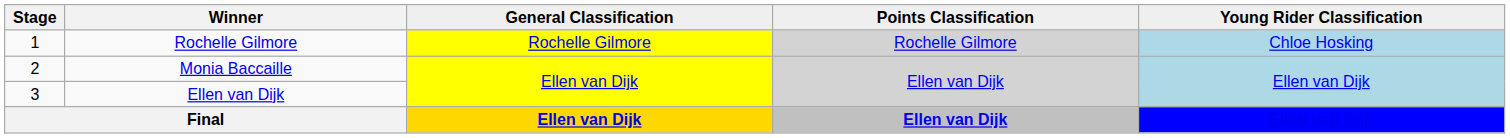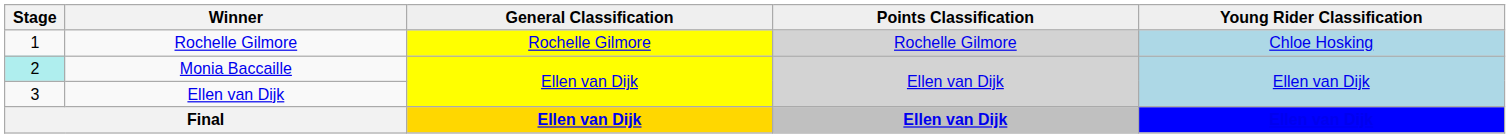 <table class="wikitable" style="text-align: center; font-size:smaller;">
 <tr style="background-color: #efefef;">
 <th width="1%">Stage</th>
 <th width="14%">Winner</th>
 <th style="background:#EFEFEF;" width="15%">General Classification<br></th>
 <th style="background:#EFEFEF;" width="15%">Points Classification<br></th>
 <th style="background:#EFEFEF"  width="15%">Young Rider Classification<br></th>
 </tr>
 <tr>
 <td>1</td>
 <td><a href='#'>Rochelle Gilmore</a></td>
 <td style="background:yellow;" rowspan="1"><a href='#'>Rochelle Gilmore</a></td>
 <td style="background:lightgrey;" rowspan="1"><a href='#'>Rochelle Gilmore</a></td>
 <td style="background:lightblue;" rowspan="1"><a href='#'>Chloe Hosking</a></td>
 </tr>
 <tr>
-<td>2</td>
+<td style="background: paleturquoise;">2</td>
 <td><a href='#'>Monia Baccaille</a></td>
 <td style="background:yellow;" rowspan="2"><a href='#'>Ellen van Dijk</a></td>
 <td style="background:lightgrey;" rowspan="2"><a href='#'>Ellen van Dijk</a></td>
 <td style="background:lightblue;" rowspan="2"><a href='#'>Ellen van Dijk</a></td>
 </tr>
 <tr>
 <td>3</td>
 <td><a href='#'>Ellen van Dijk</a></td>
 </tr>
 <tr>
 <th colspan=2><strong>Final</strong></th>
 <th style="background:gold;"><a href='#'>Ellen van Dijk</a></th>
 <th style="background:silver;"><a href='#'>Ellen van Dijk</a></th>
 <th style="background:blue;"><a href='#'><span>Ellen van Dijk</span></a></th>
 </tr>
 </table>
